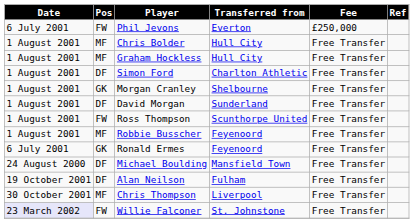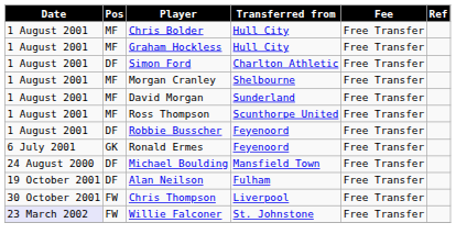 <table class="wikitable plainrowheaders sortable">
 <tr>
 <th style="background:#000000; color:#FFFFFF; ">Date</th>
 <th style="background:#000000; color:#FFFFff; ">Pos</th>
 <th style="background:#000000; color:#FFFFff; ">Player</th>
 <th style="background:#000000; color:#FFFFff; ">Transferred from</th>
 <th style="background:#000000; color:#FFFFff; ">Fee</th>
 <th style="background:#000000; color:#FFFFff; ">Ref</th>
-</tr>
-<tr>
-<td>6 July 2001</td>
-<td>FW</td>
-<td> <a href='#'>Phil Jevons</a></td>
-<td> <a href='#'>Everton</a></td>
-<td>£250,000</td>
-<td></td>
 </tr>
 <tr>
 <td>1 August 2001</td>
 <td>MF</td>
 <td> <a href='#'>Chris Bolder</a></td>
 <td> <a href='#'>Hull City</a></td>
 <td>Free Transfer</td>
 <td></td>
 </tr>
 <tr>
 <td>1 August 2001</td>
 <td>MF</td>
 <td> <a href='#'>Graham Hockless</a></td>
 <td> <a href='#'>Hull City</a></td>
 <td>Free Transfer</td>
 <td></td>
 </tr>
 <tr>
 <td>1 August 2001</td>
 <td>DF</td>
 <td> <a href='#'>Simon Ford</a></td>
 <td> <a href='#'>Charlton Athletic</a></td>
 <td>Free Transfer</td>
 <td></td>
 </tr>
 <tr>
 <td>1 August 2001</td>
-<td>GK</td>
+<td>MF</td>
 <td> Morgan Cranley</td>
 <td> <a href='#'>Shelbourne</a></td>
 <td>Free Transfer</td>
 <td></td>
 </tr>
 <tr>
 <td>1 August 2001</td>
-<td>DF</td>
+<td>MF</td>
 <td> David Morgan</td>
 <td> <a href='#'>Sunderland</a></td>
 <td>Free Transfer</td>
 <td></td>
 </tr>
 <tr>
 <td>1 August 2001</td>
-<td>FW</td>
+<td>MF</td>
 <td> Ross Thompson</td>
 <td> <a href='#'>Scunthorpe United</a></td>
 <td>Free Transfer</td>
 <td></td>
 </tr>
 <tr>
 <td>1 August 2001</td>
-<td>MF</td>
+<td>DF</td>
 <td> <a href='#'>Robbie Busscher</a></td>
 <td> <a href='#'>Feyenoord</a></td>
 <td>Free Transfer</td>
 <td></td>
 </tr>
 <tr>
 <td>6 July 2001</td>
 <td>GK</td>
 <td> Ronald Ermes</td>
 <td> <a href='#'>Feyenoord</a></td>
 <td>Free Transfer</td>
 <td></td>
 </tr>
 <tr>
 <td>24 August 2000</td>
 <td>DF</td>
 <td> <a href='#'>Michael Boulding</a></td>
 <td> <a href='#'>Mansfield Town</a></td>
 <td>Free Transfer</td>
 <td></td>
 </tr>
 <tr>
 <td>19 October 2001</td>
 <td>DF</td>
 <td> <a href='#'>Alan Neilson</a></td>
 <td> <a href='#'>Fulham</a></td>
 <td>Free Transfer</td>
 <td></td>
 </tr>
 <tr>
 <td>30 October 2001</td>
-<td>MF</td>
+<td>FW</td>
 <td> <a href='#'>Chris Thompson</a></td>
 <td> <a href='#'>Liverpool</a></td>
 <td>Free Transfer</td>
 <td></td>
 </tr>
 <tr>
 <td style="background: lavender;">23 March 2002</td>
 <td>FW</td>
 <td> <a href='#'>Willie Falconer</a></td>
 <td> <a href='#'>St. Johnstone</a></td>
 <td>Free Transfer</td>
 <td></td>
 </tr>
 <tr>
 </tr>
 </table>
